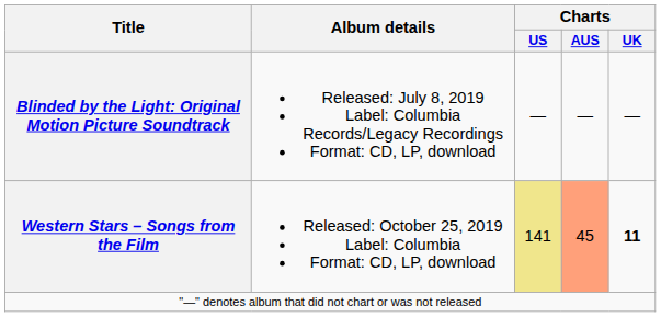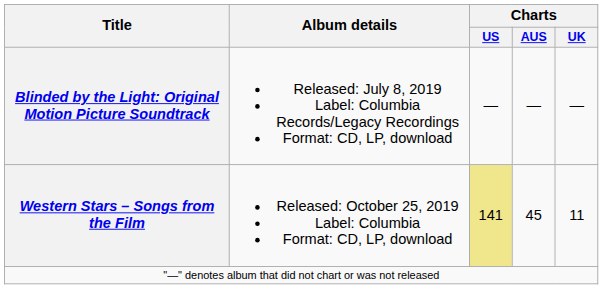 <table class="wikitable plainrowheaders" style="text-align:center;">
 <tr>
 <th scope="col" rowspan="2" style="width:15em;">Title</th>
 <th scope="col" rowspan="2" style="width:16em;">Album details</th>
 <th scope="col" colspan="3">Charts</th>
 </tr>
 <tr>
 <th scope="col" style="width:3em;font-size:85%;"><a href='#'>US</a><br></th>
 <th scope="col" style="width:3em;font-size:85%;"><a href='#'>AUS</a><br></th>
 <th scope="col" style="width:3em;font-size:85%;"><a href='#'>UK</a><br></th>
 </tr>
 <tr>
 <th scope="row"><em><a href='#'>Blinded by the Light: Original Motion Picture Soundtrack</a></em></th>
 <td><br><ul><li>Released: July 8, 2019</li><li>Label: Columbia Records/Legacy Recordings</li><li>Format: CD, LP, download</li></ul></td>
 <td>—</td>
 <td>—</td>
 <td>—</td>
 </tr>
 <tr>
 <th scope="row"><em><a href='#'>Western Stars – Songs from the Film</a></em></th>
 <td><br><ul><li>Released: October 25, 2019</li><li>Label: Columbia</li><li>Format: CD, LP, download</li></ul></td>
 <td style="background: khaki;">141</td>
-<td style="background: lightsalmon;">45</td>
-<td><strong>11</strong></td>
+<td>45</td>
+<td>11</td>
 </tr>
 <tr>
 <td colspan="10" style="font-size:9pt">"—" denotes album that did not chart or was not released</td>
 </tr>
 </table>
